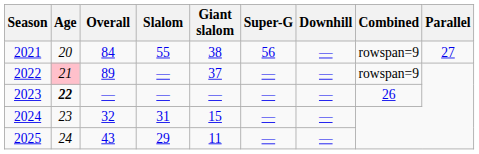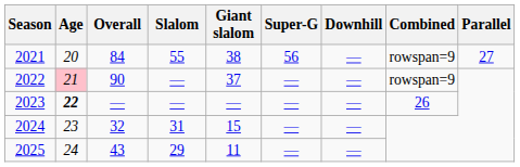 <table class=wikitable style="text-align:center">
 <tr>
 <th>Season</th>
 <th>Age</th>
 <th> Overall </th>
 <th> Slalom </th>
 <th>Giant<br> slalom </th>
 <th>Super-G</th>
 <th>Downhill</th>
 <th>Combined</th>
 <th>Parallel</th>
 </tr>
 <tr>
 <td><a href='#'>2021</a></td>
 <td><em>20</em></td>
 <td><a href='#'>84</a></td>
 <td><a href='#'>55</a></td>
 <td><a href='#'>38</a></td>
 <td><a href='#'>56</a></td>
 <td><a href='#'>—</a></td>
 <td>rowspan=9 </td>
 <td><a href='#'>27</a></td>
 </tr>
 <tr>
 <td><a href='#'>2022</a></td>
 <td style="background: pink;"><em>21</em></td>
-<td><a href='#'>89</a></td>
+<td><a href='#'>90</a></td>
 <td><a href='#'>—</a></td>
 <td><a href='#'>37</a></td>
 <td><a href='#'>—</a></td>
 <td><a href='#'>—</a></td>
 <td>rowspan=9 </td>
 </tr>
 <tr>
 <td><a href='#'>2023</a></td>
 <td><strong><em>22</em></strong></td>
 <td><a href='#'>—</a></td>
 <td><a href='#'>—</a></td>
 <td><a href='#'>—</a></td>
 <td><a href='#'>—</a></td>
 <td><a href='#'>—</a></td>
 <td><a href='#'>26</a></td>
 </tr>
 <tr>
 <td><a href='#'>2024</a></td>
 <td><em>23</em></td>
 <td><a href='#'>32</a></td>
 <td><a href='#'>31</a></td>
 <td><a href='#'>15</a></td>
 <td><a href='#'>—</a></td>
 <td><a href='#'>—</a></td>
 </tr>
 <tr>
 <td><a href='#'>2025</a></td>
 <td><em>24</em></td>
 <td><a href='#'>43</a></td>
 <td><a href='#'>29</a></td>
 <td><a href='#'>11</a></td>
 <td><a href='#'>—</a></td>
 <td><a href='#'>—</a></td>
 </tr>
 </table>
